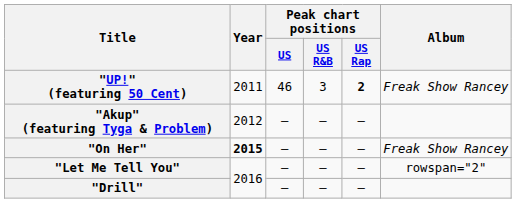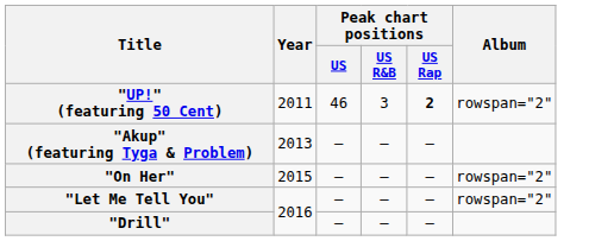 <table class="wikitable plainrowheaders" style="text-align:center;">
 <tr>
 <th scope="col" rowspan="2" style="width:18em;">Title</th>
 <th scope="col" rowspan="2">Year</th>
 <th scope="col" colspan="3">Peak chart positions</th>
 <th scope="col" rowspan="2">Album</th>
 </tr>
 <tr>
 <th scope="col" style="width:3em;font-size:90%;"><a href='#'>US</a><br></th>
 <th scope="col" style="width:3em;font-size:90%;"><a href='#'>US R&B</a><br></th>
 <th scope="col" style="width:3em;font-size:90%;"><a href='#'>US Rap</a><br></th>
 </tr>
 <tr>
 <th scope="row">"<a href='#'>UP!</a>"<br><span>(featuring <a href='#'>50 Cent</a>)</span></th>
 <td>2011</td>
 <td>46</td>
 <td>3</td>
 <td><strong>2</strong></td>
-<td><em>Freak Show Rancey</em></td>
+<td>rowspan="2" </td>
 </tr>
 <tr>
 <th scope="row">"Akup"<br><span>(featuring <a href='#'>Tyga</a> & <a href='#'>Problem</a>)</span></th>
-<td>2012</td>
+<td>2013</td>
 <td>—</td>
 <td>—</td>
 <td>—</td>
 </tr>
 <tr>
 <th scope="row">"On Her"</th>
-<td><strong>2015</strong></td>
+<td>2015</td>
 <td>—</td>
 <td>—</td>
 <td>—</td>
-<td><em>Freak Show Rancey</em></td>
+<td>rowspan="2" </td>
 </tr>
 <tr>
 <th scope="row">"Let Me Tell You"</th>
 <td rowspan="2">2016</td>
 <td>—</td>
 <td>—</td>
 <td>—</td>
 <td>rowspan="2" </td>
 </tr>
 <tr>
 <th scope="row">"Drill"</th>
 <td>—</td>
 <td>—</td>
 <td>—</td>
 </tr>
 </table>
